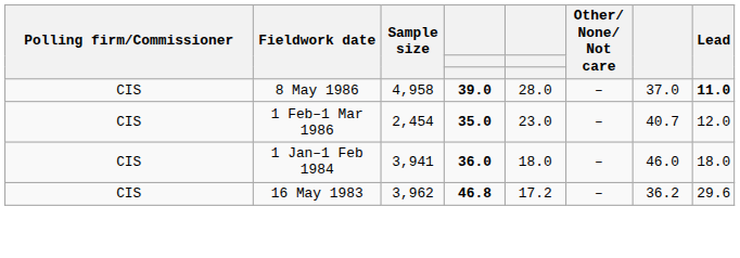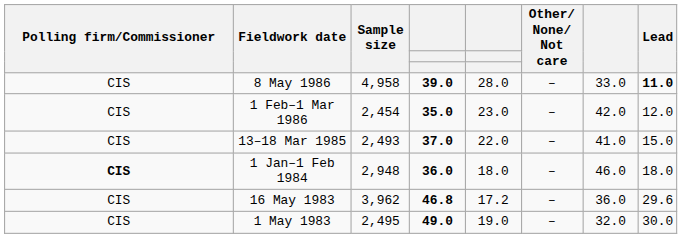 <table class="wikitable collapsible collapsed" style="text-align:center; font-size:90%; line-height:14px;">
 <tr style="height:42px;">
 <th style="width:250px;" rowspan="3">Polling firm/Commissioner</th>
 <th style="width:125px;" rowspan="3">Fieldwork date</th>
 <th style="width:50px;" rowspan="3">Sample size</th>
 <th style="width:55px;"></th>
 <th style="width:55px;"></th>
 <th style="width:55px;" rowspan="3">Other/<br>None/<br>Not<br>care</th>
 <th style="width:55px;" rowspan="3"></th>
 <th style="width:30px;" rowspan="3">Lead</th>
 </tr>
 <tr>
 <th style="color:inherit;background:"></th>
 <th style="color:inherit;background:"></th>
 </tr>
 <tr>
 <th></th>
 <th></th>
 </tr>
 <tr>
 <td>CIS</td>
 <td>8 May 1986</td>
 <td>4,958</td>
 <td><strong>39.0</strong></td>
 <td>28.0</td>
 <td>–</td>
-<td>37.0</td>
+<td>33.0</td>
 <td style="background:"><strong>11.0</strong></td>
 </tr>
 <tr>
 <td>CIS</td>
 <td>1 Feb–1 Mar 1986</td>
 <td>2,454</td>
 <td><strong>35.0</strong></td>
 <td>23.0</td>
 <td>–</td>
-<td>40.7</td>
+<td>42.0</td>
 <td style="background:">12.0</td>
 </tr>
 <tr>
 <td>CIS</td>
+<td>13–18 Mar 1985</td>
+<td>2,493</td>
+<td><strong>37.0</strong></td>
+<td>22.0</td>
+<td>–</td>
+<td>41.0</td>
+<td style="background:">15.0</td>
+</tr>
+<tr>
+<td><strong>CIS</strong></td>
 <td>1 Jan–1 Feb 1984</td>
-<td>3,941</td>
+<td>2,948</td>
 <td><strong>36.0</strong></td>
 <td>18.0</td>
 <td>–</td>
 <td>46.0</td>
 <td style="background:">18.0</td>
 </tr>
 <tr>
 <td>CIS</td>
 <td>16 May 1983</td>
 <td>3,962</td>
 <td><strong>46.8</strong></td>
 <td>17.2</td>
 <td>–</td>
-<td>36.2</td>
+<td>36.0</td>
 <td style="background:">29.6</td>
 </tr>
+<tr>
+<td>CIS</td>
+<td>1 May 1983</td>
+<td>2,495</td>
+<td><strong>49.0</strong></td>
+<td>19.0</td>
+<td>–</td>
+<td>32.0</td>
+<td style="background:">30.0</td>
+</tr>
 </table>
